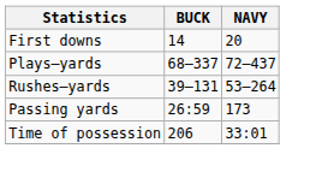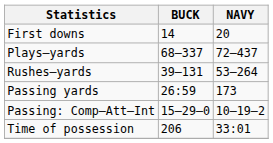 <table class="wikitable" style="float: left;">
 <tr>
 <th>Statistics</th>
 <th>BUCK</th>
 <th>NAVY</th>
 </tr>
 <tr>
 <td>First downs</td>
 <td>14</td>
 <td>20</td>
 </tr>
 <tr>
 <td>Plays–yards</td>
 <td>68–337</td>
 <td>72–437</td>
 </tr>
 <tr>
 <td>Rushes–yards</td>
 <td>39–131</td>
 <td>53–264</td>
 </tr>
 <tr>
 <td>Passing yards</td>
 <td>26:59</td>
 <td>173</td>
 </tr>
 <tr>
+<td>Passing: Comp–Att–Int</td>
+<td>15–29–0</td>
+<td>10–19–2</td>
+</tr>
+<tr>
 <td>Time of possession</td>
 <td>206</td>
 <td>33:01</td>
 </tr>
 <tr>
 </tr>
 </table>
